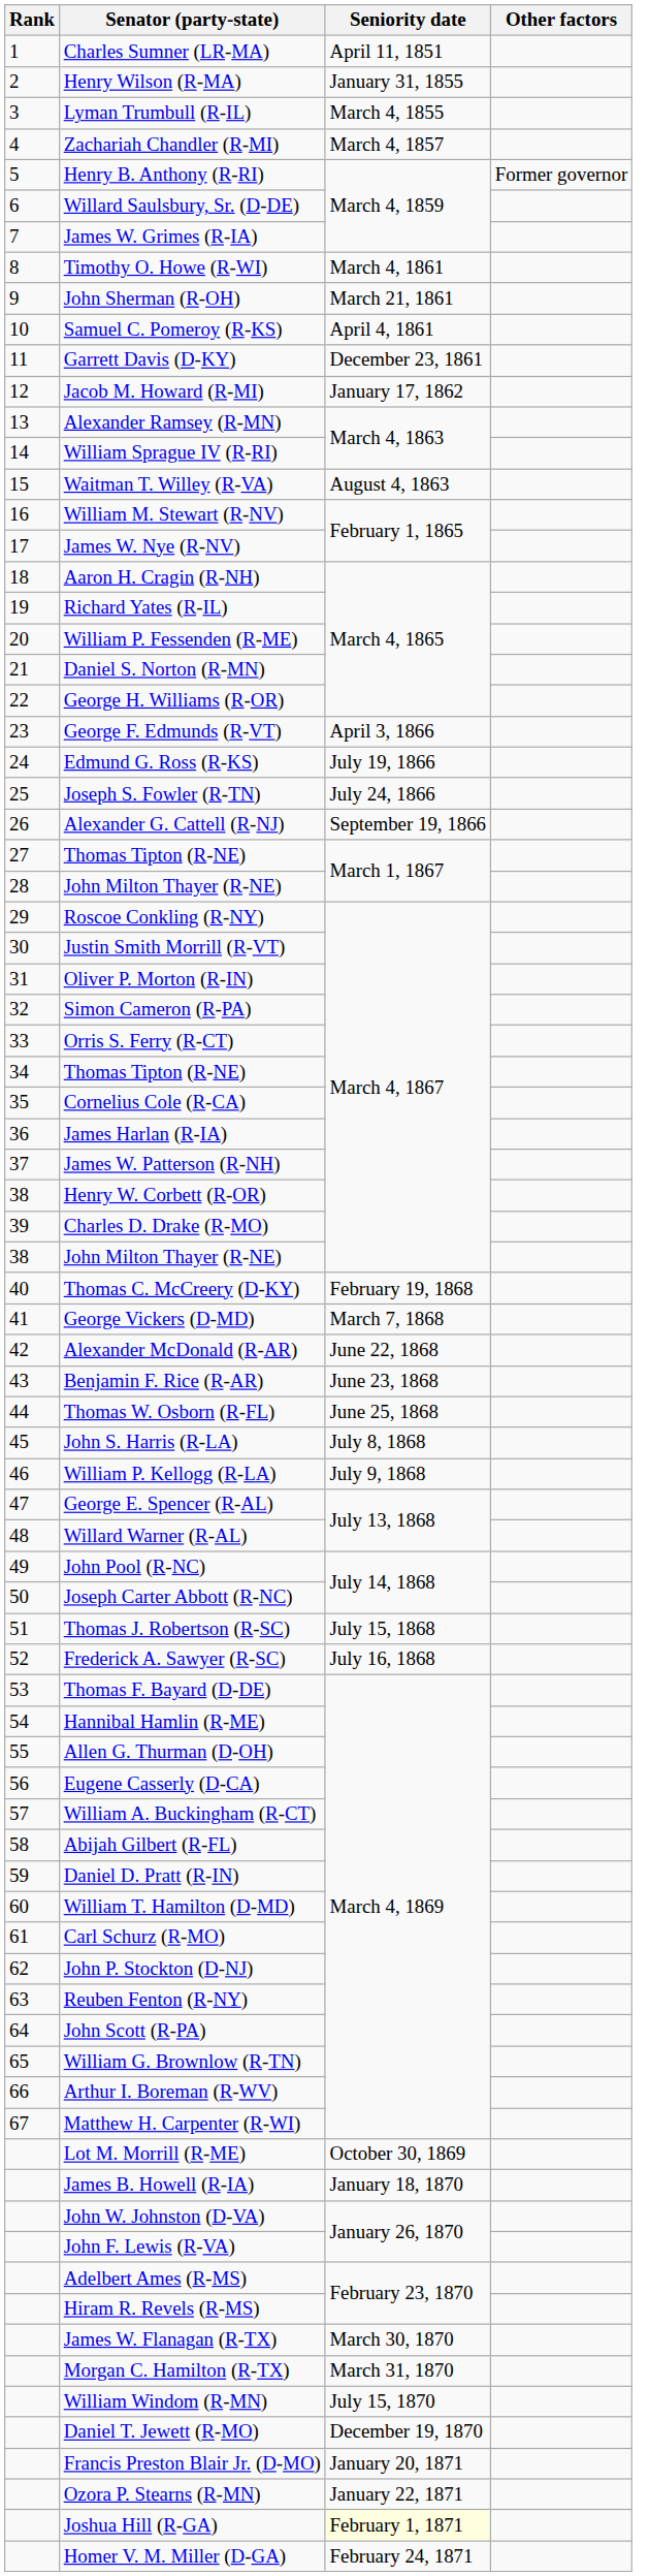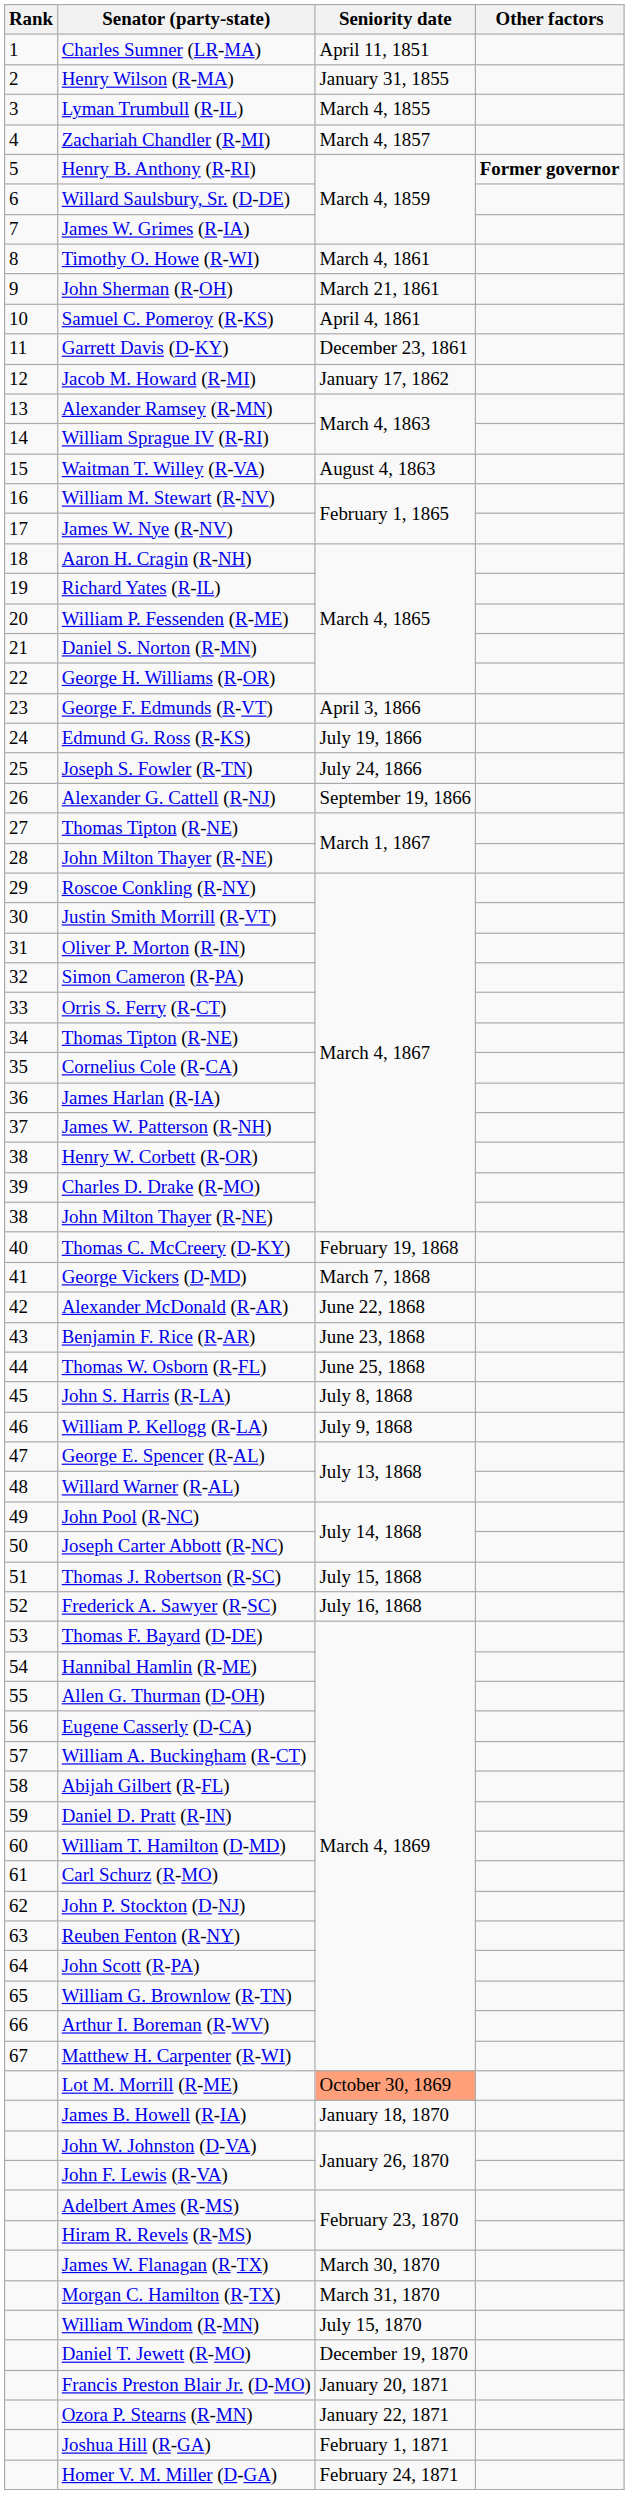 <table class=wikitable>
 <tr>
 <th>Rank</th>
 <th>Senator (party-state)</th>
 <th>Seniority date</th>
 <th>Other factors</th>
 </tr>
 <tr>
 <td>1</td>
 <td><a href='#'>Charles Sumner</a> (<a href='#'>LR</a>-<a href='#'>MA</a>)</td>
 <td>April 11, 1851</td>
 <td></td>
 </tr>
 <tr>
 <td>2</td>
 <td><a href='#'>Henry Wilson</a> (<a href='#'>R</a>-<a href='#'>MA</a>)</td>
 <td>January 31, 1855</td>
 <td></td>
 </tr>
 <tr>
 <td>3</td>
 <td><a href='#'>Lyman Trumbull</a> (<a href='#'>R</a>-<a href='#'>IL</a>)</td>
 <td>March 4, 1855</td>
 <td></td>
 </tr>
 <tr>
 <td>4</td>
 <td><a href='#'>Zachariah Chandler</a> (<a href='#'>R</a>-<a href='#'>MI</a>)</td>
 <td>March 4, 1857</td>
 <td></td>
 </tr>
 <tr>
 <td>5</td>
 <td><a href='#'>Henry B. Anthony</a> (<a href='#'>R</a>-<a href='#'>RI</a>)</td>
 <td rowspan=3>March 4, 1859</td>
-<td>Former governor</td>
+<td><strong>Former governor</strong></td>
 </tr>
 <tr>
 <td>6</td>
 <td><a href='#'>Willard Saulsbury, Sr.</a> (<a href='#'>D</a>-<a href='#'>DE</a>)</td>
 <td></td>
 </tr>
 <tr>
 <td>7</td>
 <td><a href='#'>James W. Grimes</a> (<a href='#'>R</a>-<a href='#'>IA</a>)</td>
 <td></td>
 </tr>
 <tr>
 <td>8</td>
 <td><a href='#'>Timothy O. Howe</a> (<a href='#'>R</a>-<a href='#'>WI</a>)</td>
 <td>March 4, 1861</td>
 <td></td>
 </tr>
 <tr>
 <td>9</td>
 <td><a href='#'>John Sherman</a> (<a href='#'>R</a>-<a href='#'>OH</a>)</td>
 <td>March 21, 1861</td>
 <td></td>
 </tr>
 <tr>
 <td>10</td>
 <td><a href='#'>Samuel C. Pomeroy</a> (<a href='#'>R</a>-<a href='#'>KS</a>)</td>
 <td>April 4, 1861</td>
 <td></td>
 </tr>
 <tr>
 <td>11</td>
 <td><a href='#'>Garrett Davis</a> (<a href='#'>D</a>-<a href='#'>KY</a>)</td>
 <td>December 23, 1861</td>
 <td></td>
 </tr>
 <tr>
 <td>12</td>
 <td><a href='#'>Jacob M. Howard</a> (<a href='#'>R</a>-<a href='#'>MI</a>)</td>
 <td>January 17, 1862</td>
 <td></td>
 </tr>
 <tr>
 <td>13</td>
 <td><a href='#'>Alexander Ramsey</a> (<a href='#'>R</a>-<a href='#'>MN</a>)</td>
 <td rowspan=2>March 4, 1863</td>
 <td></td>
 </tr>
 <tr>
 <td>14</td>
 <td><a href='#'>William Sprague IV</a> (<a href='#'>R</a>-<a href='#'>RI</a>)</td>
 <td></td>
 </tr>
 <tr>
 <td>15</td>
 <td><a href='#'>Waitman T. Willey</a> (<a href='#'>R</a>-<a href='#'>VA</a>)</td>
 <td>August 4, 1863</td>
 <td></td>
 </tr>
 <tr>
 <td>16</td>
 <td><a href='#'>William M. Stewart</a> (<a href='#'>R</a>-<a href='#'>NV</a>)</td>
 <td rowspan=2>February 1, 1865</td>
 <td></td>
 </tr>
 <tr>
 <td>17</td>
 <td><a href='#'>James W. Nye</a> (<a href='#'>R</a>-<a href='#'>NV</a>)</td>
 <td></td>
 </tr>
 <tr>
 <td>18</td>
 <td><a href='#'>Aaron H. Cragin</a> (<a href='#'>R</a>-<a href='#'>NH</a>)</td>
 <td rowspan=5>March 4, 1865</td>
 <td></td>
 </tr>
 <tr>
 <td>19</td>
 <td><a href='#'>Richard Yates</a> (<a href='#'>R</a>-<a href='#'>IL</a>)</td>
 <td></td>
 </tr>
 <tr>
 <td>20</td>
 <td><a href='#'>William P. Fessenden</a> (<a href='#'>R</a>-<a href='#'>ME</a>)</td>
 <td></td>
 </tr>
 <tr>
 <td>21</td>
 <td><a href='#'>Daniel S. Norton</a> (<a href='#'>R</a>-<a href='#'>MN</a>)</td>
 <td></td>
 </tr>
 <tr>
 <td>22</td>
 <td><a href='#'>George H. Williams</a> (<a href='#'>R</a>-<a href='#'>OR</a>)</td>
 <td></td>
 </tr>
 <tr>
 <td>23</td>
 <td><a href='#'>George F. Edmunds</a> (<a href='#'>R</a>-<a href='#'>VT</a>)</td>
 <td>April 3, 1866</td>
 <td></td>
 </tr>
 <tr>
 <td>24</td>
 <td><a href='#'>Edmund G. Ross</a> (<a href='#'>R</a>-<a href='#'>KS</a>)</td>
 <td>July 19, 1866</td>
 <td></td>
 </tr>
 <tr>
 <td>25</td>
 <td><a href='#'>Joseph S. Fowler</a> (<a href='#'>R</a>-<a href='#'>TN</a>)</td>
 <td>July 24, 1866</td>
 <td></td>
 </tr>
 <tr>
 <td>26</td>
 <td><a href='#'>Alexander G. Cattell</a> (<a href='#'>R</a>-<a href='#'>NJ</a>)</td>
 <td>September 19, 1866</td>
 <td></td>
 </tr>
 <tr>
 <td>27</td>
 <td><a href='#'>Thomas Tipton</a> (<a href='#'>R</a>-<a href='#'>NE</a>)</td>
 <td rowspan=2>March 1, 1867</td>
 <td></td>
 </tr>
 <tr>
 <td>28</td>
 <td><a href='#'>John Milton Thayer</a> (<a href='#'>R</a>-<a href='#'>NE</a>)</td>
 <td></td>
 </tr>
 <tr>
 <td>29</td>
 <td><a href='#'>Roscoe Conkling</a> (<a href='#'>R</a>-<a href='#'>NY</a>)</td>
 <td rowspan=12>March 4, 1867</td>
 <td></td>
 </tr>
 <tr>
 <td>30</td>
 <td><a href='#'>Justin Smith Morrill</a> (<a href='#'>R</a>-<a href='#'>VT</a>)</td>
 <td></td>
 </tr>
 <tr>
 <td>31</td>
 <td><a href='#'>Oliver P. Morton</a> (<a href='#'>R</a>-<a href='#'>IN</a>)</td>
 <td></td>
 </tr>
 <tr>
 <td>32</td>
 <td><a href='#'>Simon Cameron</a> (<a href='#'>R</a>-<a href='#'>PA</a>)</td>
 <td></td>
 </tr>
 <tr>
 <td>33</td>
 <td><a href='#'>Orris S. Ferry</a> (<a href='#'>R</a>-<a href='#'>CT</a>)</td>
 <td></td>
 </tr>
 <tr>
 <td>34</td>
 <td><a href='#'>Thomas Tipton</a> (<a href='#'>R</a>-<a href='#'>NE</a>)</td>
 <td></td>
 </tr>
 <tr>
 <td>35</td>
 <td><a href='#'>Cornelius Cole</a> (<a href='#'>R</a>-<a href='#'>CA</a>)</td>
 <td></td>
 </tr>
 <tr>
 <td>36</td>
 <td><a href='#'>James Harlan</a> (<a href='#'>R</a>-<a href='#'>IA</a>)</td>
 <td></td>
 </tr>
 <tr>
 <td>37</td>
 <td><a href='#'>James W. Patterson</a> (<a href='#'>R</a>-<a href='#'>NH</a>)</td>
 <td></td>
 </tr>
 <tr>
 <td>38</td>
 <td><a href='#'>Henry W. Corbett</a> (<a href='#'>R</a>-<a href='#'>OR</a>)</td>
 <td></td>
 </tr>
 <tr>
 <td>39</td>
 <td><a href='#'>Charles D. Drake</a> (<a href='#'>R</a>-<a href='#'>MO</a>)</td>
 <td></td>
 </tr>
 <tr>
 <td>38</td>
 <td><a href='#'>John Milton Thayer</a> (<a href='#'>R</a>-<a href='#'>NE</a>)</td>
 <td></td>
 </tr>
 <tr>
 <td>40</td>
 <td><a href='#'>Thomas C. McCreery</a> (<a href='#'>D</a>-<a href='#'>KY</a>)</td>
 <td>February 19, 1868</td>
 <td></td>
 </tr>
 <tr>
 <td>41</td>
 <td><a href='#'>George Vickers</a> (<a href='#'>D</a>-<a href='#'>MD</a>)</td>
 <td>March 7, 1868</td>
 <td></td>
 </tr>
 <tr>
 <td>42</td>
 <td><a href='#'>Alexander McDonald</a> (<a href='#'>R</a>-<a href='#'>AR</a>)</td>
 <td>June 22, 1868</td>
 <td></td>
 </tr>
 <tr>
 <td>43</td>
 <td><a href='#'>Benjamin F. Rice</a> (<a href='#'>R</a>-<a href='#'>AR</a>)</td>
 <td>June 23, 1868</td>
 <td></td>
 </tr>
 <tr>
 <td>44</td>
 <td><a href='#'>Thomas W. Osborn</a> (<a href='#'>R</a>-<a href='#'>FL</a>)</td>
 <td>June 25, 1868</td>
 <td></td>
 </tr>
 <tr>
 <td>45</td>
 <td><a href='#'>John S. Harris</a> (<a href='#'>R</a>-<a href='#'>LA</a>)</td>
 <td>July 8, 1868</td>
 <td></td>
 </tr>
 <tr>
 <td>46</td>
 <td><a href='#'>William P. Kellogg</a> (<a href='#'>R</a>-<a href='#'>LA</a>)</td>
 <td>July 9, 1868</td>
 <td></td>
 </tr>
 <tr>
 <td>47</td>
 <td><a href='#'>George E. Spencer</a> (<a href='#'>R</a>-<a href='#'>AL</a>)</td>
 <td rowspan=2>July 13, 1868</td>
 <td></td>
 </tr>
 <tr>
 <td>48</td>
 <td><a href='#'>Willard Warner</a> (<a href='#'>R</a>-<a href='#'>AL</a>)</td>
 <td></td>
 </tr>
 <tr>
 <td>49</td>
 <td><a href='#'>John Pool</a> (<a href='#'>R</a>-<a href='#'>NC</a>)</td>
 <td rowspan=2>July 14, 1868</td>
 <td></td>
 </tr>
 <tr>
 <td>50</td>
 <td><a href='#'>Joseph Carter Abbott</a> (<a href='#'>R</a>-<a href='#'>NC</a>)</td>
 <td></td>
 </tr>
 <tr>
 <td>51</td>
 <td><a href='#'>Thomas J. Robertson</a> (<a href='#'>R</a>-<a href='#'>SC</a>)</td>
 <td>July 15, 1868</td>
 <td></td>
 </tr>
 <tr>
 <td>52</td>
 <td><a href='#'>Frederick A. Sawyer</a> (<a href='#'>R</a>-<a href='#'>SC</a>)</td>
 <td>July 16, 1868</td>
 <td></td>
 </tr>
 <tr>
 <td>53</td>
 <td><a href='#'>Thomas F. Bayard</a> (<a href='#'>D</a>-<a href='#'>DE</a>)</td>
 <td rowspan=15>March 4, 1869</td>
 <td></td>
 </tr>
 <tr>
 <td>54</td>
 <td><a href='#'>Hannibal Hamlin</a> (<a href='#'>R</a>-<a href='#'>ME</a>)</td>
 <td></td>
 </tr>
 <tr>
 <td>55</td>
 <td><a href='#'>Allen G. Thurman</a> (<a href='#'>D</a>-<a href='#'>OH</a>)</td>
 <td></td>
 </tr>
 <tr>
 <td>56</td>
 <td><a href='#'>Eugene Casserly</a> (<a href='#'>D</a>-<a href='#'>CA</a>)</td>
 <td></td>
 </tr>
 <tr>
 <td>57</td>
 <td><a href='#'>William A. Buckingham</a> (<a href='#'>R</a>-<a href='#'>CT</a>)</td>
 <td></td>
 </tr>
 <tr>
 <td>58</td>
 <td><a href='#'>Abijah Gilbert</a> (<a href='#'>R</a>-<a href='#'>FL</a>)</td>
 <td></td>
 </tr>
 <tr>
 <td>59</td>
 <td><a href='#'>Daniel D. Pratt</a> (<a href='#'>R</a>-<a href='#'>IN</a>)</td>
 <td></td>
 </tr>
 <tr>
 <td>60</td>
 <td><a href='#'>William T. Hamilton</a> (<a href='#'>D</a>-<a href='#'>MD</a>)</td>
 <td></td>
 </tr>
 <tr>
 <td>61</td>
 <td><a href='#'>Carl Schurz</a> (<a href='#'>R</a>-<a href='#'>MO</a>)</td>
 <td></td>
 </tr>
 <tr>
 <td>62</td>
 <td><a href='#'>John P. Stockton</a> (<a href='#'>D</a>-<a href='#'>NJ</a>)</td>
 <td></td>
 </tr>
 <tr>
 <td>63</td>
 <td><a href='#'>Reuben Fenton</a> (<a href='#'>R</a>-<a href='#'>NY</a>)</td>
 <td></td>
 </tr>
 <tr>
 <td>64</td>
 <td><a href='#'>John Scott</a> (<a href='#'>R</a>-<a href='#'>PA</a>)</td>
 <td></td>
 </tr>
 <tr>
 <td>65</td>
 <td><a href='#'>William G. Brownlow</a> (<a href='#'>R</a>-<a href='#'>TN</a>)</td>
 <td></td>
 </tr>
 <tr>
 <td>66</td>
 <td><a href='#'>Arthur I. Boreman</a> (<a href='#'>R</a>-<a href='#'>WV</a>)</td>
 <td></td>
 </tr>
 <tr>
 <td>67</td>
 <td><a href='#'>Matthew H. Carpenter</a> (<a href='#'>R</a>-<a href='#'>WI</a>)</td>
 <td></td>
 </tr>
 <tr>
 <td></td>
 <td><a href='#'>Lot M. Morrill</a> (<a href='#'>R</a>-<a href='#'>ME</a>)</td>
-<td>October 30, 1869</td>
+<td style="background: lightsalmon;">October 30, 1869</td>
 <td></td>
 </tr>
 <tr>
 <td></td>
 <td><a href='#'>James B. Howell</a> (<a href='#'>R</a>-<a href='#'>IA</a>)</td>
 <td>January 18, 1870</td>
 <td></td>
 </tr>
 <tr>
 <td></td>
 <td><a href='#'>John W. Johnston</a> (<a href='#'>D</a>-<a href='#'>VA</a>)</td>
 <td rowspan=2>January 26, 1870</td>
 <td></td>
 </tr>
 <tr>
 <td></td>
 <td><a href='#'>John F. Lewis</a> (<a href='#'>R</a>-<a href='#'>VA</a>)</td>
 <td></td>
 </tr>
 <tr>
 <td></td>
 <td><a href='#'>Adelbert Ames</a> (<a href='#'>R</a>-<a href='#'>MS</a>)</td>
 <td rowspan=2>February 23, 1870</td>
 <td></td>
 </tr>
 <tr>
 <td></td>
 <td><a href='#'>Hiram R. Revels</a> (<a href='#'>R</a>-<a href='#'>MS</a>)</td>
 <td></td>
 </tr>
 <tr>
 <td></td>
 <td><a href='#'>James W. Flanagan</a> (<a href='#'>R</a>-<a href='#'>TX</a>)</td>
 <td>March 30, 1870</td>
 <td></td>
 </tr>
 <tr>
 <td></td>
 <td><a href='#'>Morgan C. Hamilton</a> (<a href='#'>R</a>-<a href='#'>TX</a>)</td>
 <td>March 31, 1870</td>
 <td></td>
 </tr>
 <tr>
 <td></td>
 <td><a href='#'>William Windom</a> (<a href='#'>R</a>-<a href='#'>MN</a>)</td>
 <td>July 15, 1870</td>
 <td></td>
 </tr>
 <tr>
 <td></td>
 <td><a href='#'>Daniel T. Jewett</a> (<a href='#'>R</a>-<a href='#'>MO</a>)</td>
 <td>December 19, 1870</td>
 <td></td>
 </tr>
 <tr>
 <td></td>
 <td><a href='#'>Francis Preston Blair Jr.</a> (<a href='#'>D</a>-<a href='#'>MO</a>)</td>
 <td>January 20, 1871</td>
 <td></td>
 </tr>
 <tr>
 <td></td>
 <td><a href='#'>Ozora P. Stearns</a> (<a href='#'>R</a>-<a href='#'>MN</a>)</td>
 <td>January 22, 1871</td>
 <td></td>
 </tr>
 <tr>
 <td></td>
 <td><a href='#'>Joshua Hill</a> (<a href='#'>R</a>-<a href='#'>GA</a>)</td>
-<td style="background: lightyellow;">February 1, 1871</td>
+<td>February 1, 1871</td>
 <td></td>
 </tr>
 <tr>
 <td></td>
 <td><a href='#'>Homer V. M. Miller</a> (<a href='#'>D</a>-<a href='#'>GA</a>)</td>
 <td>February 24, 1871</td>
 <td></td>
 </tr>
 <tr>
 </tr>
 </table>
